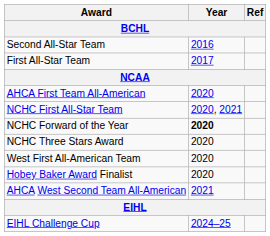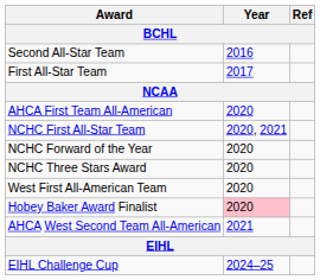 <table class="wikitable">
 <tr>
 <th>Award</th>
 <th>Year</th>
 <th>Ref</th>
 </tr>
 <tr>
 <th colspan="3"><a href='#'>BCHL</a></th>
 </tr>
 <tr>
 <td>Second All-Star Team</td>
 <td><a href='#'>2016</a></td>
 <td></td>
 </tr>
 <tr>
 <td>First All-Star Team</td>
 <td><a href='#'>2017</a></td>
 <td></td>
 </tr>
 <tr>
 <th colspan="3"><a href='#'>NCAA</a></th>
 </tr>
 <tr>
 <td><a href='#'>AHCA First Team All-American</a></td>
 <td><a href='#'>2020</a></td>
 <td></td>
 </tr>
 <tr>
 <td><a href='#'>NCHC First All-Star Team</a></td>
 <td><a href='#'>2020</a>, <a href='#'>2021</a></td>
 <td></td>
 </tr>
 <tr>
 <td>NCHC Forward of the Year</td>
-<td><strong>2020</strong></td>
+<td>2020</td>
 <td></td>
 </tr>
 <tr>
 <td>NCHC Three Stars Award</td>
 <td>2020</td>
 <td></td>
 </tr>
 <tr>
 <td>West First All-American Team</td>
 <td>2020</td>
 <td></td>
 </tr>
 <tr>
 <td><a href='#'>Hobey Baker Award</a> Finalist</td>
-<td>2020</td>
+<td style="background: pink;">2020</td>
 <td></td>
 </tr>
 <tr>
 <td><a href='#'>AHCA</a> <a href='#'>West Second Team All-American</a></td>
 <td><a href='#'>2021</a></td>
 <td></td>
 </tr>
 <tr>
 <th colspan="3"><a href='#'>EIHL</a></th>
 </tr>
 <tr>
 <td><a href='#'>EIHL Challenge Cup</a></td>
 <td><a href='#'>2024–25</a></td>
 <td></td>
 </tr>
 </table>
